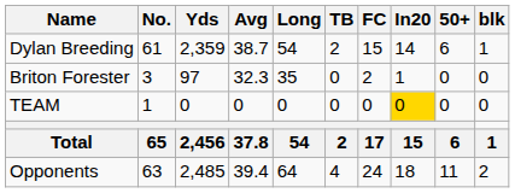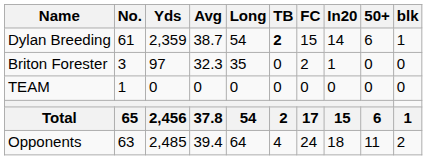 <table class="wikitable" style="white-space:nowrap;" style="text-align:center;">
 <tr>
 <th>Name</th>
 <th>No.</th>
 <th>Yds</th>
 <th>Avg</th>
 <th>Long</th>
 <th>TB</th>
 <th>FC</th>
 <th>In20</th>
 <th>50+</th>
 <th>blk</th>
 </tr>
 <tr>
 <td align=left>Dylan Breeding</td>
 <td>61</td>
 <td>2,359</td>
 <td>38.7</td>
 <td>54</td>
-<td>2</td>
+<td><strong>2</strong></td>
 <td>15</td>
 <td>14</td>
 <td>6</td>
 <td>1</td>
 </tr>
 <tr>
 <td align=left>Briton Forester</td>
 <td>3</td>
 <td>97</td>
 <td>32.3</td>
 <td>35</td>
 <td>0</td>
 <td>2</td>
 <td>1</td>
 <td>0</td>
 <td>0</td>
 </tr>
 <tr>
 <td align=left>TEAM</td>
 <td>1</td>
 <td>0</td>
 <td>0</td>
 <td>0</td>
 <td>0</td>
 <td>0</td>
-<td style="background: gold;">0</td>
+<td>0</td>
 <td>0</td>
 <td>0</td>
 </tr>
 <tr>
 <th colspan=9></th>
 </tr>
 <tr>
 <th>Total</th>
 <th>65</th>
 <th>2,456</th>
 <th>37.8</th>
 <th>54</th>
 <th>2</th>
 <th>17</th>
 <th>15</th>
 <th>6</th>
 <th>1</th>
 </tr>
 <tr>
 <td align=left>Opponents</td>
 <td>63</td>
 <td>2,485</td>
 <td>39.4</td>
 <td>64</td>
 <td>4</td>
 <td>24</td>
 <td>18</td>
 <td>11</td>
 <td>2</td>
 </tr>
 </table>
